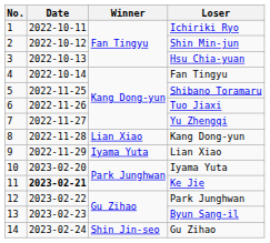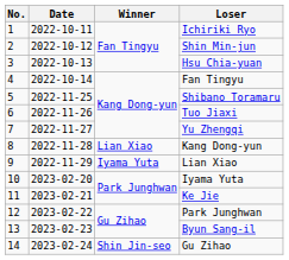 <table class="wikitable">
 <tr>
 <th>No.</th>
 <th>Date</th>
 <th>Winner</th>
 <th>Loser</th>
 </tr>
 <tr>
 <td>1</td>
 <td>2022-10-11</td>
 <td rowspan=3> <a href='#'>Fan Tingyu</a></td>
 <td> <a href='#'>Ichiriki Ryo</a></td>
 </tr>
 <tr>
 <td>2</td>
 <td>2022-10-12</td>
 <td> <a href='#'>Shin Min-jun</a></td>
 </tr>
 <tr>
 <td>3</td>
 <td>2022-10-13</td>
 <td> <a href='#'>Hsu Chia-yuan</a></td>
 </tr>
 <tr>
 <td>4</td>
 <td>2022-10-14</td>
 <td rowspan=4> <a href='#'>Kang Dong-yun</a></td>
 <td> Fan Tingyu</td>
 </tr>
 <tr>
 <td>5</td>
 <td>2022-11-25</td>
 <td> <a href='#'>Shibano Toramaru</a></td>
 </tr>
 <tr>
 <td>6</td>
 <td>2022-11-26</td>
 <td> <a href='#'>Tuo Jiaxi</a></td>
 </tr>
 <tr>
 <td>7</td>
 <td>2022-11-27</td>
 <td> <a href='#'>Yu Zhengqi</a></td>
 </tr>
 <tr>
 <td>8</td>
 <td>2022-11-28</td>
 <td> <a href='#'>Lian Xiao</a></td>
 <td> Kang Dong-yun</td>
 </tr>
 <tr>
 <td>9</td>
 <td>2022-11-29</td>
 <td> <a href='#'>Iyama Yuta</a></td>
 <td> Lian Xiao</td>
 </tr>
 <tr>
 <td>10</td>
 <td>2023-02-20</td>
 <td rowspan=2> <a href='#'>Park Junghwan</a></td>
 <td> Iyama Yuta</td>
 </tr>
 <tr>
 <td>11</td>
-<td><strong>2023-02-21</strong></td>
+<td>2023-02-21</td>
 <td> <a href='#'>Ke Jie</a></td>
 </tr>
 <tr>
 <td>12</td>
 <td>2023-02-22</td>
 <td rowspan=2> <a href='#'>Gu Zihao</a></td>
 <td> Park Junghwan</td>
 </tr>
 <tr>
 <td>13</td>
 <td>2023-02-23</td>
 <td> <a href='#'>Byun Sang-il</a></td>
 </tr>
 <tr>
 <td>14</td>
 <td>2023-02-24</td>
 <td> <a href='#'>Shin Jin-seo</a></td>
 <td> Gu Zihao</td>
 </tr>
 </table>
